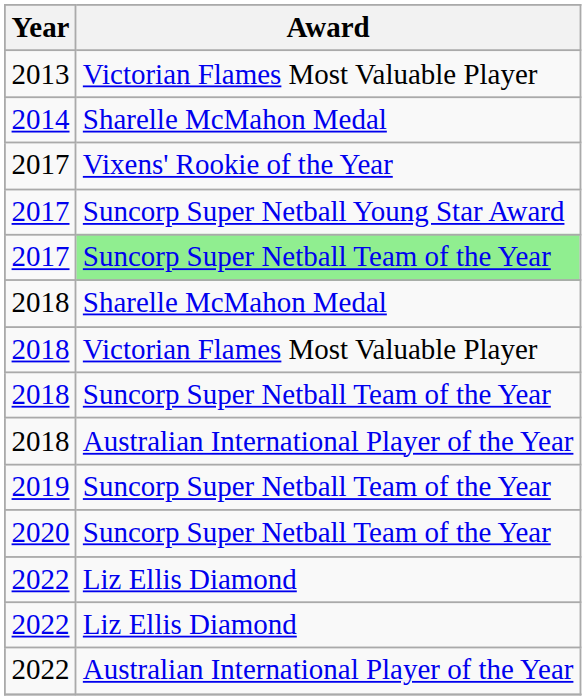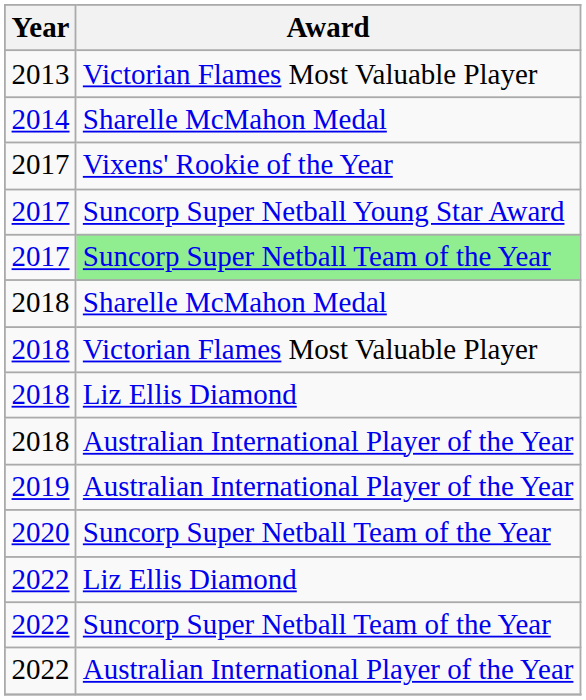 <table class="wikitable collapsible">
 <tr>
 <th>Year</th>
 <th>Award</th>
 </tr>
 <tr>
 <td>2013</td>
 <td><a href='#'>Victorian  Flames</a> Most Valuable Player</td>
 </tr>
 <tr>
 <td><a href='#'>2014</a></td>
 <td><a href='#'>Sharelle McMahon Medal</a></td>
 </tr>
 <tr>
 <td>2017</td>
 <td><a href='#'>Vixens' Rookie of the Year</a></td>
 </tr>
 <tr>
 <td><a href='#'>2017</a></td>
 <td><a href='#'>Suncorp Super Netball Young Star Award</a></td>
 </tr>
 <tr>
 <td><a href='#'>2017</a></td>
 <td style="background: lightgreen;"><a href='#'>Suncorp Super Netball Team of the Year</a></td>
 </tr>
 <tr>
 <td>2018</td>
 <td><a href='#'>Sharelle McMahon Medal</a></td>
 </tr>
 <tr>
 <td><a href='#'>2018</a></td>
 <td><a href='#'>Victorian  Flames</a> Most Valuable Player</td>
 </tr>
 <tr>
 <td><a href='#'>2018</a></td>
-<td><a href='#'>Suncorp Super Netball Team of the Year</a></td>
+<td><a href='#'>Liz Ellis Diamond</a></td>
 </tr>
 <tr>
 <td>2018</td>
 <td><a href='#'>Australian International Player of the Year</a></td>
 </tr>
 <tr>
 <td><a href='#'>2019</a></td>
-<td><a href='#'>Suncorp Super Netball Team of the Year</a></td>
+<td><a href='#'>Australian International Player of the Year</a></td>
 </tr>
 <tr>
 <td><a href='#'>2020</a></td>
 <td><a href='#'>Suncorp Super Netball Team of the Year</a></td>
 </tr>
 <tr>
 <td><a href='#'>2022</a></td>
 <td><a href='#'>Liz Ellis Diamond</a></td>
 </tr>
 <tr>
 <td><a href='#'>2022</a></td>
-<td><a href='#'>Liz Ellis Diamond</a></td>
+<td><a href='#'>Suncorp Super Netball Team of the Year</a></td>
 </tr>
 <tr>
 <td>2022</td>
 <td><a href='#'>Australian International Player of the Year</a></td>
 </tr>
 <tr>
 </tr>
 </table>
